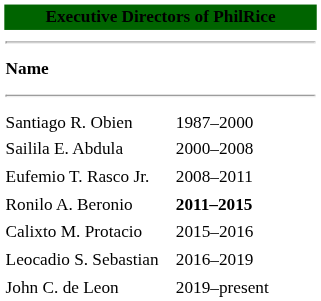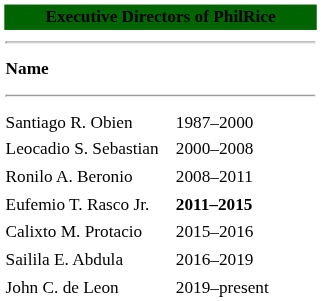 <table class="toccolours" style="width: 20em; float:right; margin-left:1em; font-size:85%; line-height:1.3em; width:250px;">
 <tr>
 <th colspan="2" style="text-align: center;background-color:darkgreen"><span><strong>Executive Directors of PhilRice</strong></span></th>
 </tr>
 <tr>
 <td colspan="2"><hr></td>
 </tr>
 <tr>
 <td scope="col" width="130"><strong>Name</strong></td>
 <td><strong></strong></td>
 </tr>
 <tr>
 <td colspan="2"><hr></td>
 </tr>
 <tr>
 <td>Santiago R. Obien</td>
 <td>1987–2000</td>
 </tr>
 <tr>
-<td>Sailila E. Abdula</td>
+<td>Leocadio S. Sebastian</td>
 <td>2000–2008</td>
 </tr>
 <tr>
-<td>Eufemio T. Rasco Jr.</td>
+<td>Ronilo A. Beronio</td>
 <td>2008–2011</td>
 </tr>
 <tr>
-<td>Ronilo A. Beronio</td>
+<td>Eufemio T. Rasco Jr.</td>
 <td><strong>2011–2015</strong></td>
 </tr>
 <tr>
 <td>Calixto M. Protacio</td>
 <td>2015–2016</td>
 </tr>
 <tr>
-<td>Leocadio S. Sebastian</td>
+<td>Sailila E. Abdula</td>
 <td>2016–2019</td>
 </tr>
 <tr>
 <td>John C. de Leon</td>
 <td>2019–present</td>
 </tr>
 </table>
